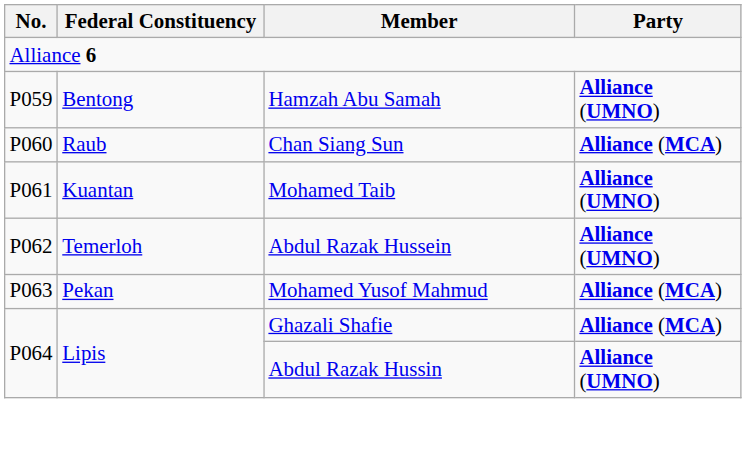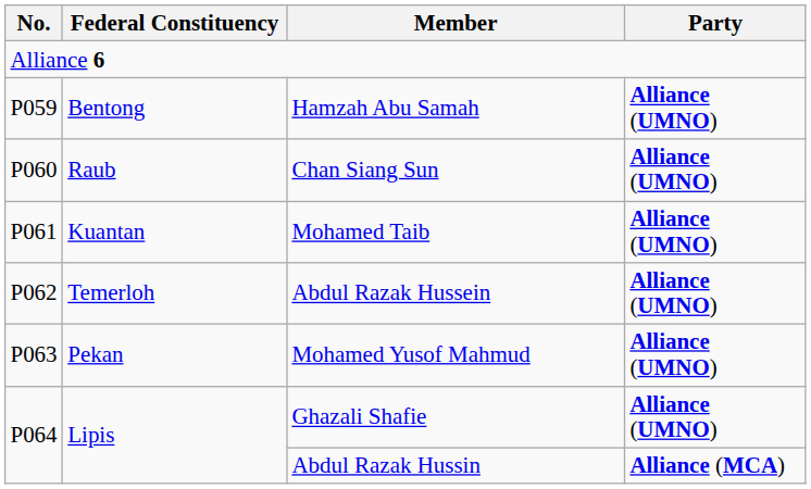 <table class="wikitable sortable">
 <tr>
 <th style="width:30px;">No.</th>
 <th style="width:150px;">Federal Constituency</th>
 <th style="width:230px;">Member</th>
 <th style="width:120px;">Party</th>
 </tr>
 <tr>
 <td colspan="4"><a href='#'>Alliance</a> <strong>6</strong></td>
 </tr>
 <tr>
 <td>P059</td>
 <td><a href='#'>Bentong</a></td>
 <td><a href='#'>Hamzah Abu Samah</a></td>
 <td><strong><a href='#'>Alliance</a></strong> (<strong><a href='#'>UMNO</a></strong>)</td>
 </tr>
 <tr>
 <td>P060</td>
 <td><a href='#'>Raub</a></td>
 <td><a href='#'>Chan Siang Sun</a></td>
-<td><strong><a href='#'>Alliance</a></strong> (<strong><a href='#'>MCA</a></strong>)</td>
+<td><strong><a href='#'>Alliance</a></strong> (<strong><a href='#'>UMNO</a></strong>)</td>
 </tr>
 <tr>
 <td>P061</td>
 <td><a href='#'>Kuantan</a></td>
 <td><a href='#'>Mohamed Taib</a></td>
 <td><strong><a href='#'>Alliance</a></strong> (<strong><a href='#'>UMNO</a></strong>)</td>
 </tr>
 <tr>
 <td>P062</td>
 <td><a href='#'>Temerloh</a></td>
 <td><a href='#'>Abdul Razak Hussein</a></td>
 <td><strong><a href='#'>Alliance</a></strong> (<strong><a href='#'>UMNO</a></strong>)</td>
 </tr>
 <tr>
 <td>P063</td>
 <td><a href='#'>Pekan</a></td>
 <td><a href='#'>Mohamed Yusof Mahmud</a></td>
-<td><strong><a href='#'>Alliance</a></strong> (<strong><a href='#'>MCA</a></strong>)</td>
+<td><strong><a href='#'>Alliance</a></strong> (<strong><a href='#'>UMNO</a></strong>)</td>
 </tr>
 <tr>
 <td rowspan=2>P064</td>
 <td rowspan=2><a href='#'>Lipis</a></td>
 <td><a href='#'>Ghazali Shafie</a> </td>
-<td><strong><a href='#'>Alliance</a></strong> (<strong><a href='#'>MCA</a></strong>)</td>
+<td><strong><a href='#'>Alliance</a></strong> (<strong><a href='#'>UMNO</a></strong>)</td>
 </tr>
 <tr>
 <td><a href='#'>Abdul Razak Hussin</a> </td>
-<td><strong><a href='#'>Alliance</a></strong> (<strong><a href='#'>UMNO</a></strong>)</td>
+<td><strong><a href='#'>Alliance</a></strong> (<strong><a href='#'>MCA</a></strong>)</td>
 </tr>
 </table>
